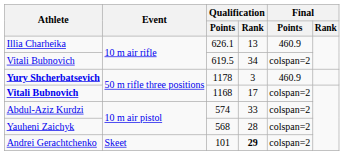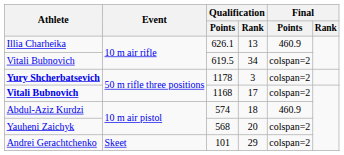 <table class="wikitable" style="text-align:center; font-size:90%">
 <tr>
 <th rowspan=2>Athlete</th>
 <th rowspan=2>Event</th>
 <th colspan=2>Qualification</th>
 <th colspan=2>Final</th>
 </tr>
 <tr style="font-size:95%">
 <th>Points</th>
 <th>Rank</th>
 <th>Points</th>
 <th>Rank</th>
 </tr>
 <tr>
 <td align=left><a href='#'>Illia Charheika</a></td>
 <td align=left rowspan=2><a href='#'>10 m air rifle</a></td>
 <td>626.1</td>
 <td>13</td>
 <td>460.9</td>
 </tr>
 <tr>
 <td align=left><a href='#'>Vitali Bubnovich</a></td>
 <td>619.5</td>
 <td>34</td>
 <td>colspan=2 </td>
 </tr>
 <tr>
 <td align=left><strong><a href='#'>Yury Shcherbatsevich</a></strong></td>
 <td align=left rowspan=2><a href='#'>50 m rifle three positions</a></td>
 <td>1178</td>
 <td>3</td>
-<td>460.9</td>
+<td>colspan=2 </td>
 <td></td>
 </tr>
 <tr>
 <td align=left><strong><a href='#'>Vitali Bubnovich</a></strong></td>
 <td>1168</td>
 <td>17</td>
 <td>colspan=2 </td>
 </tr>
 <tr>
 <td align=left><a href='#'>Abdul-Aziz Kurdzi</a></td>
 <td align=left rowspan=2><a href='#'>10 m air pistol</a></td>
 <td>574</td>
-<td>33</td>
-<td>colspan=2 </td>
+<td>18</td>
+<td>460.9</td>
 </tr>
 <tr>
 <td align=left><a href='#'>Yauheni Zaichyk</a></td>
 <td>568</td>
-<td>28</td>
+<td>20</td>
 <td>colspan=2 </td>
 </tr>
 <tr>
 <td align=left><a href='#'>Andrei Gerachtchenko</a></td>
 <td align=left><a href='#'>Skeet</a></td>
 <td>101</td>
-<td><strong>29</strong></td>
+<td>29</td>
 <td>colspan=2 </td>
 </tr>
 </table>
